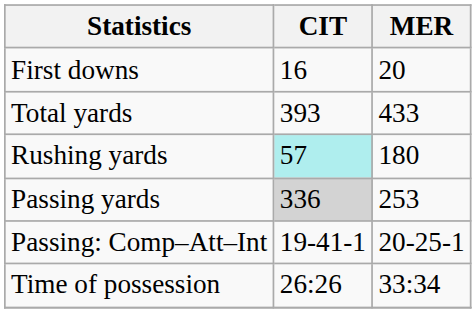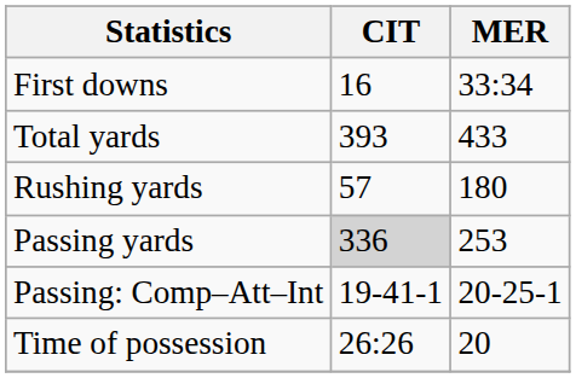 <table class="wikitable" style="float: left;">
 <tr>
 <th>Statistics</th>
 <th>CIT</th>
 <th>MER</th>
 </tr>
 <tr>
 <td>First downs</td>
 <td>16</td>
-<td>20</td>
+<td>33:34</td>
 </tr>
 <tr>
 <td>Total yards</td>
 <td>393</td>
 <td>433</td>
 </tr>
 <tr>
 <td>Rushing yards</td>
-<td style="background: paleturquoise;">57</td>
+<td>57</td>
 <td>180</td>
 </tr>
 <tr>
 <td>Passing yards</td>
 <td style="background: lightgrey;">336</td>
 <td>253</td>
 </tr>
 <tr>
 <td>Passing: Comp–Att–Int</td>
 <td>19-41-1</td>
 <td>20-25-1</td>
 </tr>
 <tr>
 <td>Time of possession</td>
 <td>26:26</td>
-<td>33:34</td>
+<td>20</td>
 </tr>
 <tr>
 </tr>
 </table>
